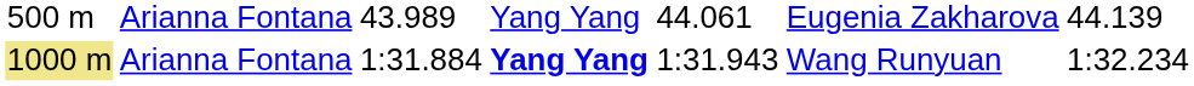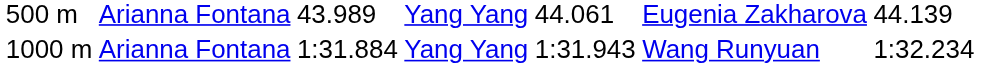 <table>
 <tr>
 <td>500 m</td>
 <td><a href='#'>Arianna Fontana</a><br></td>
 <td>43.989</td>
 <td><a href='#'>Yang Yang</a><br></td>
 <td>44.061</td>
 <td><a href='#'>Eugenia Zakharova</a><br></td>
 <td>44.139</td>
 </tr>
 <tr>
-<td style="background: khaki;">1000 m</td>
+<td>1000 m</td>
 <td><a href='#'>Arianna Fontana</a><br></td>
 <td>1:31.884</td>
-<td><strong><a href='#'>Yang Yang</a><br></strong></td>
+<td><a href='#'>Yang Yang</a><br></td>
 <td>1:31.943</td>
 <td><a href='#'>Wang Runyuan</a><br></td>
 <td>1:32.234</td>
 </tr>
 <tr>
 </tr>
 </table>
